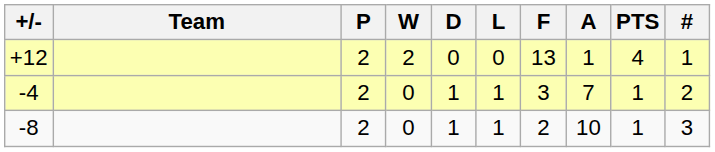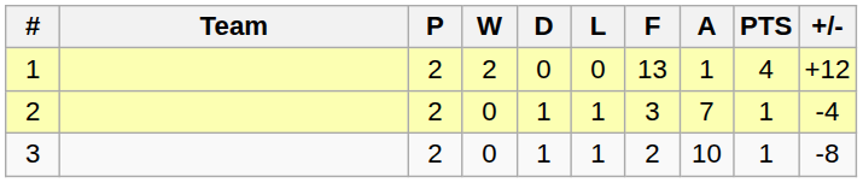 <table class="wikitable" border="1">
 <tr>
-<th width="25">+/-</th>
+<th width="25">#</th>
 <th width="200">Team</th>
 <th width="25">P</th>
 <th width="25">W</th>
 <th width="25">D</th>
 <th width="25">L</th>
 <th width="25">F</th>
 <th width="25">A</th>
 <th width="25">PTS</th>
-<th width="25">#</th>
+<th width="25">+/-</th>
 </tr>
 <tr bgcolor="FCFFB2">
-<td align="center">+12</td>
+<td align="center">1</td>
 <td></td>
 <td align="center">2</td>
 <td align="center">2</td>
 <td align="center">0</td>
 <td align="center">0</td>
 <td align="center">13</td>
 <td align="center">1</td>
 <td align="center">4</td>
-<td align="center">1</td>
+<td align="center">+12</td>
 </tr>
 <tr bgcolor="FCFFB2">
-<td align="center">-4</td>
+<td align="center">2</td>
 <td></td>
 <td align="center">2</td>
 <td align="center">0</td>
 <td align="center">1</td>
 <td align="center">1</td>
 <td align="center">3</td>
 <td align="center">7</td>
 <td align="center">1</td>
-<td align="center">2</td>
+<td align="center">-4</td>
 </tr>
 <tr>
-<td align="center">-8</td>
+<td align="center">3</td>
 <td></td>
 <td align="center">2</td>
 <td align="center">0</td>
 <td align="center">1</td>
 <td align="center">1</td>
 <td align="center">2</td>
 <td align="center">10</td>
 <td align="center">1</td>
-<td align="center">3</td>
+<td align="center">-8</td>
 </tr>
 </table>
